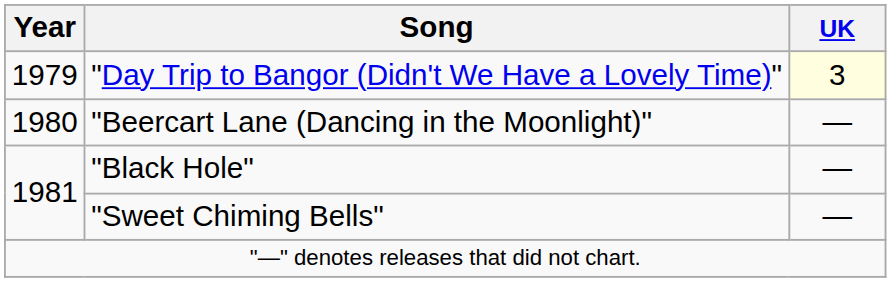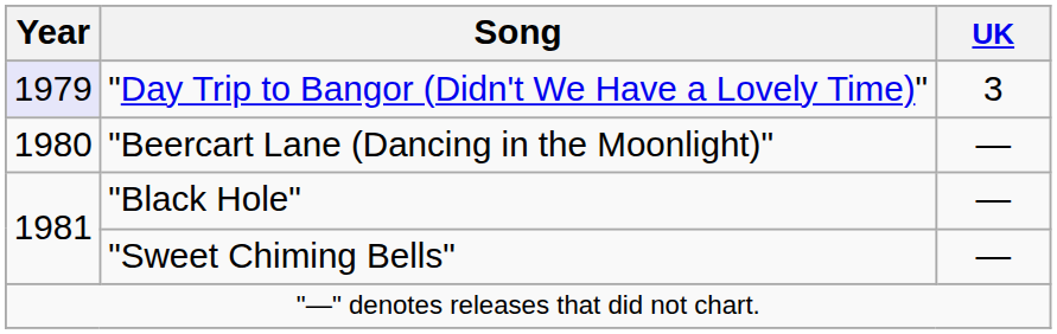 <table class="wikitable">
 <tr>
 <th>Year</th>
 <th>Song</th>
 <th style="width:45px;"><small><a href='#'>UK</a></small><br></th>
 </tr>
 <tr>
-<td rowspan="1">1979</td>
+<td rowspan="1" style="background: lavender;">1979</td>
 <td>"<a href='#'>Day Trip to Bangor (Didn't We Have a Lovely Time)</a>"</td>
-<td align=center style="background: lightyellow;">3</td>
+<td align=center>3</td>
 </tr>
 <tr>
 <td rowspan="1">1980</td>
 <td>"Beercart Lane (Dancing in the Moonlight)"</td>
 <td align=center>—</td>
 </tr>
 <tr>
 <td rowspan="2">1981</td>
 <td>"Black Hole"</td>
 <td align=center>—</td>
 </tr>
 <tr>
 <td>"Sweet Chiming Bells"</td>
 <td align=center>—</td>
 </tr>
 <tr>
 <td colspan="7" style="text-align:center; font-size:9pt;">"—" denotes releases that did not chart.</td>
 </tr>
 </table>
